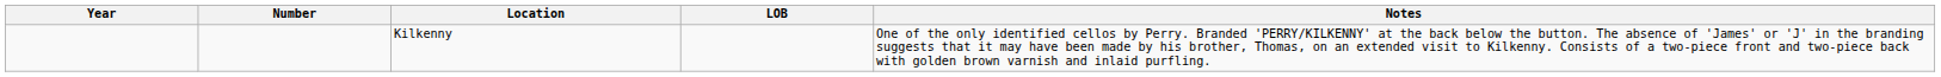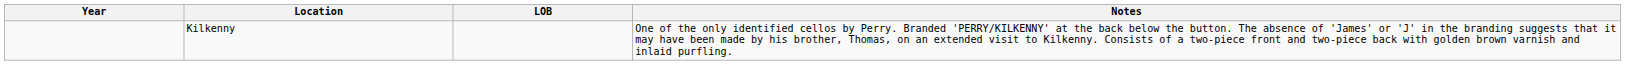 <table class="sortable wikitable" style="margins:auto; width=95%; font-size: 95%;">
 <tr>
 <th width="10%">Year</th>
-<th width="10%">Number</th>
 <th width="15%">Location</th>
 <th width="10%">LOB</th>
 <th width="55%">Notes</th>
 </tr>
 <tr valign="top">
 <td align=center></td>
-<td align=center></td>
 <td>Kilkenny</td>
 <td></td>
 <td>One of the only identified cellos by Perry. Branded 'PERRY/KILKENNY' at the back below the button. The absence of 'James' or 'J' in the branding suggests that it may have been made by his brother, Thomas, on an extended visit to Kilkenny. Consists of a two-piece front and two-piece back with golden brown varnish and inlaid purfling.</td>
 </tr>
 </table>
